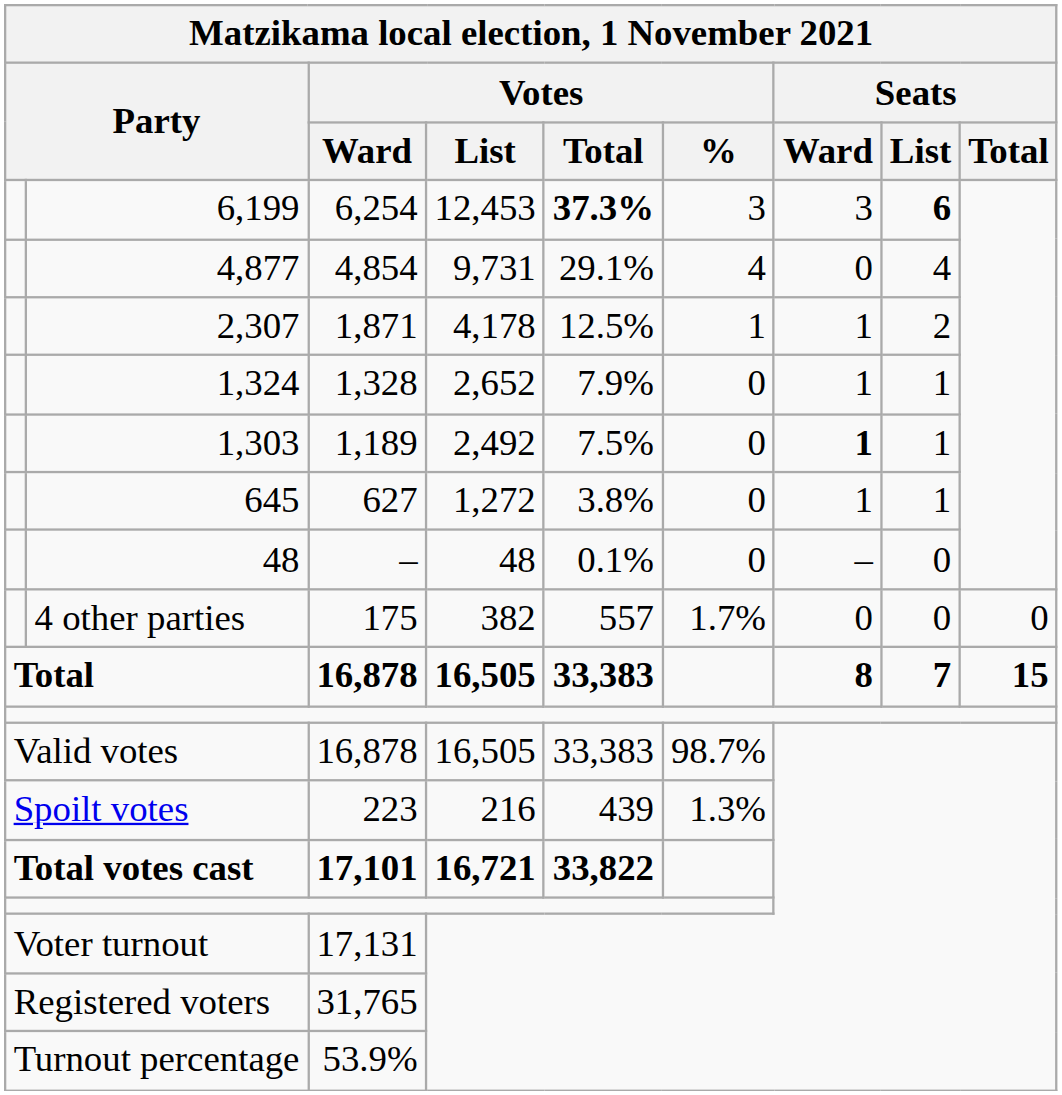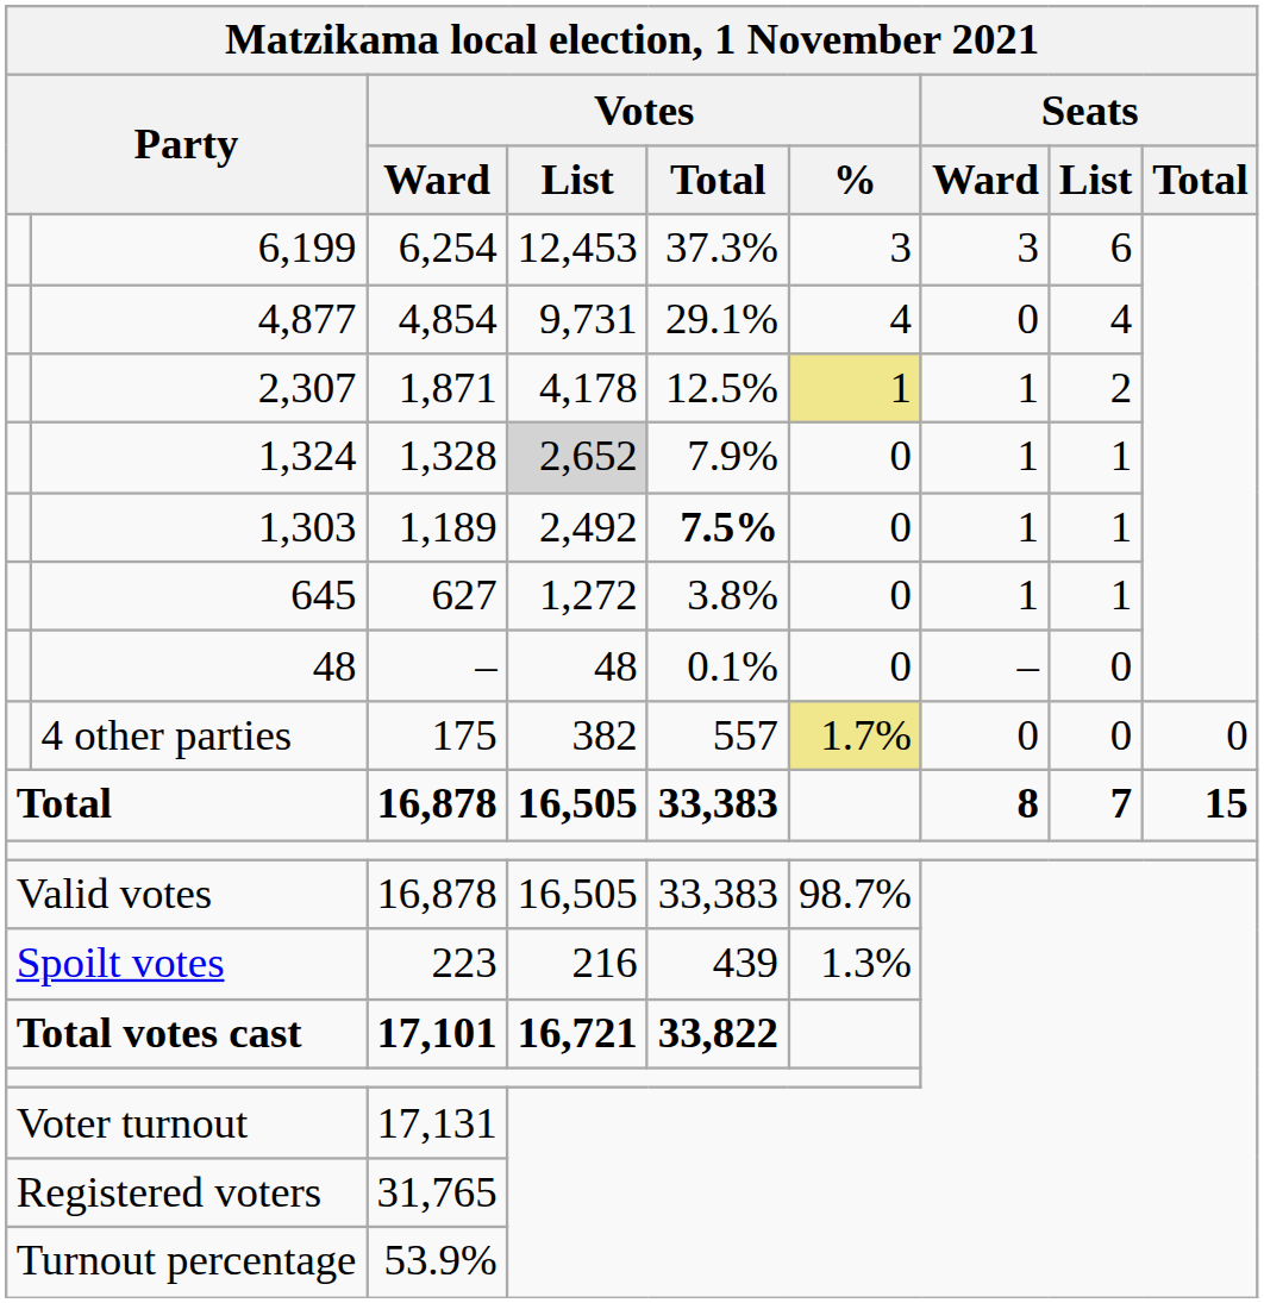 <table class=wikitable style="text-align:right">
 <tr>
 <th colspan="9" align="center">Matzikama local election, 1 November 2021</th>
 </tr>
 <tr>
 <th rowspan="2" colspan="2">Party</th>
 <th colspan="4" align="center">Votes</th>
 <th colspan="3" align="center">Seats</th>
 </tr>
 <tr>
 <th>Ward</th>
 <th>List</th>
 <th>Total</th>
 <th>%</th>
 <th>Ward</th>
 <th>List</th>
 <th>Total</th>
 </tr>
 <tr>
 <td></td>
 <td>6,199</td>
 <td>6,254</td>
 <td>12,453</td>
-<td><strong>37.3%</strong></td>
+<td>37.3%</td>
 <td>3</td>
 <td>3</td>
-<td><strong>6</strong></td>
+<td>6</td>
 </tr>
 <tr>
 <td></td>
 <td>4,877</td>
 <td>4,854</td>
 <td>9,731</td>
 <td>29.1%</td>
 <td>4</td>
 <td>0</td>
 <td>4</td>
 </tr>
 <tr>
 <td></td>
 <td>2,307</td>
 <td>1,871</td>
 <td>4,178</td>
 <td>12.5%</td>
-<td>1</td>
+<td style="background: khaki;">1</td>
 <td>1</td>
 <td>2</td>
 </tr>
 <tr>
 <td></td>
 <td>1,324</td>
 <td>1,328</td>
-<td>2,652</td>
+<td style="background: lightgrey;">2,652</td>
 <td>7.9%</td>
 <td>0</td>
 <td>1</td>
 <td>1</td>
 </tr>
 <tr>
 <td></td>
 <td>1,303</td>
 <td>1,189</td>
 <td>2,492</td>
-<td>7.5%</td>
+<td><strong>7.5%</strong></td>
 <td>0</td>
-<td><strong>1</strong></td>
+<td>1</td>
 <td>1</td>
 </tr>
 <tr>
 <td></td>
 <td>645</td>
 <td>627</td>
 <td>1,272</td>
 <td>3.8%</td>
 <td>0</td>
 <td>1</td>
 <td>1</td>
 </tr>
 <tr>
 <td></td>
 <td>48</td>
 <td>–</td>
 <td>48</td>
 <td>0.1%</td>
 <td>0</td>
 <td>–</td>
 <td>0</td>
 </tr>
 <tr>
 <td></td>
 <td style="text-align:left">4 other parties</td>
 <td>175</td>
 <td>382</td>
 <td>557</td>
-<td>1.7%</td>
+<td style="background: khaki;">1.7%</td>
 <td>0</td>
 <td>0</td>
 <td>0</td>
 </tr>
 <tr>
 <td colspan="2" style="text-align:left"><strong>Total</strong></td>
 <td><strong>16,878</strong></td>
 <td><strong>16,505</strong></td>
 <td><strong>33,383</strong></td>
 <td></td>
 <td><strong>8</strong></td>
 <td><strong>7</strong></td>
 <td><strong>15</strong></td>
 </tr>
 <tr>
 <td colspan="9"></td>
 </tr>
 <tr>
 <td colspan="2" style="text-align:left">Valid votes</td>
 <td>16,878</td>
 <td>16,505</td>
 <td>33,383</td>
 <td>98.7%</td>
 </tr>
 <tr>
 <td colspan="2" style="text-align:left"><a href='#'>Spoilt votes</a></td>
 <td>223</td>
 <td>216</td>
 <td>439</td>
 <td>1.3%</td>
 </tr>
 <tr>
 <td colspan="2" style="text-align:left"><strong>Total votes cast</strong></td>
 <td><strong>17,101</strong></td>
 <td><strong>16,721</strong></td>
 <td><strong>33,822</strong></td>
 <td></td>
 </tr>
 <tr>
 <td colspan="6"></td>
 </tr>
 <tr>
 <td colspan="2" style="text-align:left">Voter turnout</td>
 <td>17,131</td>
 </tr>
 <tr>
 <td colspan="2" style="text-align:left">Registered voters</td>
 <td>31,765</td>
 </tr>
 <tr>
 <td colspan="2" style="text-align:left">Turnout percentage</td>
 <td>53.9%</td>
 </tr>
 </table>
